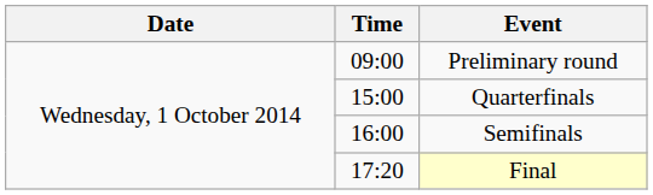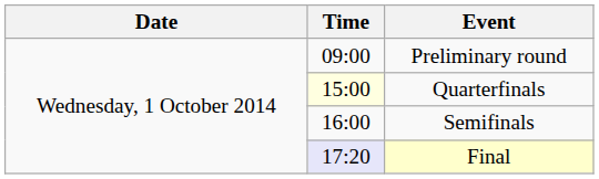 <table class = "wikitable" style="text-align:center;">
 <tr>
 <th width=220>Date</th>
 <th width=50>Time</th>
 <th width=150>Event</th>
 </tr>
 <tr>
 <td rowspan=4>Wednesday, 1 October 2014</td>
 <td>09:00</td>
 <td>Preliminary round</td>
 </tr>
 <tr>
-<td>15:00</td>
+<td style="background: lightyellow;">15:00</td>
 <td>Quarterfinals</td>
 </tr>
 <tr>
 <td>16:00</td>
 <td>Semifinals</td>
 </tr>
 <tr>
-<td>17:20</td>
+<td style="background: lavender;">17:20</td>
 <td bgcolor=ffffcc>Final</td>
 </tr>
 </table>
